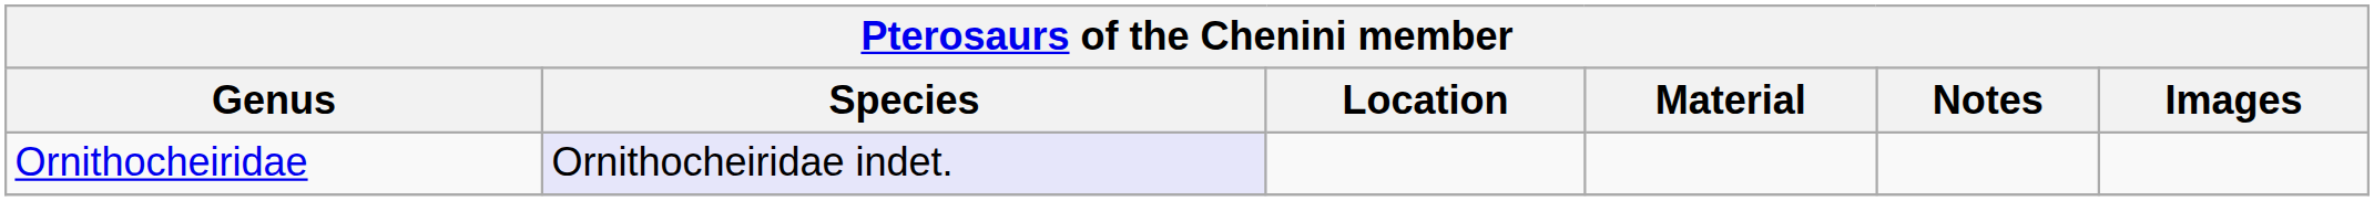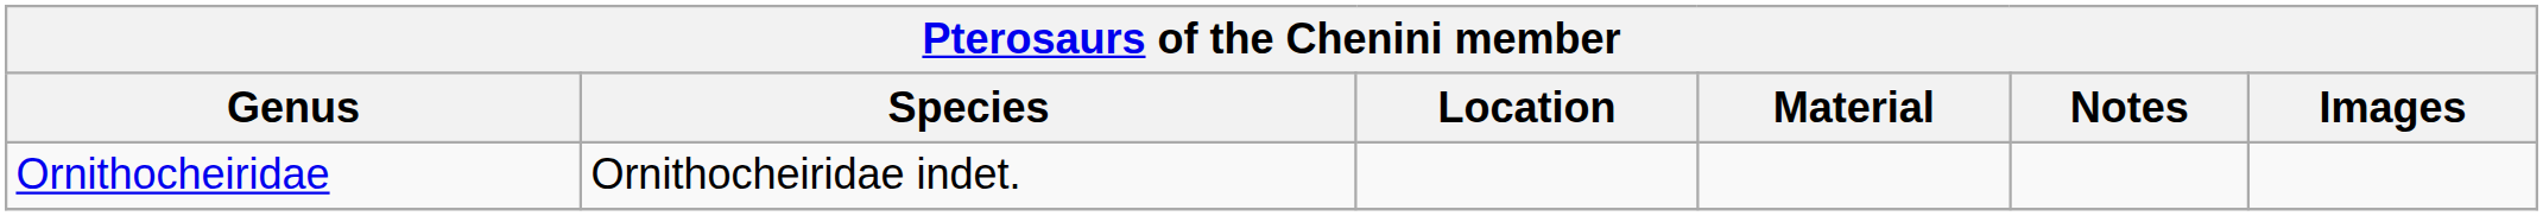 <table class="wikitable" align="center" width="75%">
 <tr>
 <th colspan="6" align="center"><a href='#'>Pterosaurs</a> of the Chenini member</th>
 </tr>
 <tr>
 <th>Genus</th>
 <th>Species</th>
 <th>Location</th>
 <th>Material</th>
 <th>Notes</th>
 <th>Images</th>
 </tr>
 <tr>
 <td><a href='#'>Ornithocheiridae</a></td>
-<td style="background: lavender;">Ornithocheiridae indet.</td>
+<td>Ornithocheiridae indet.</td>
 <td></td>
 <td></td>
 <td></td>
 <td></td>
 </tr>
 <tr>
 </tr>
 </table>
